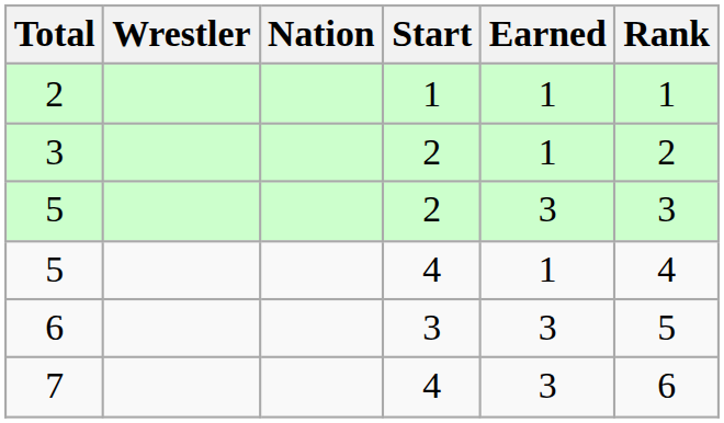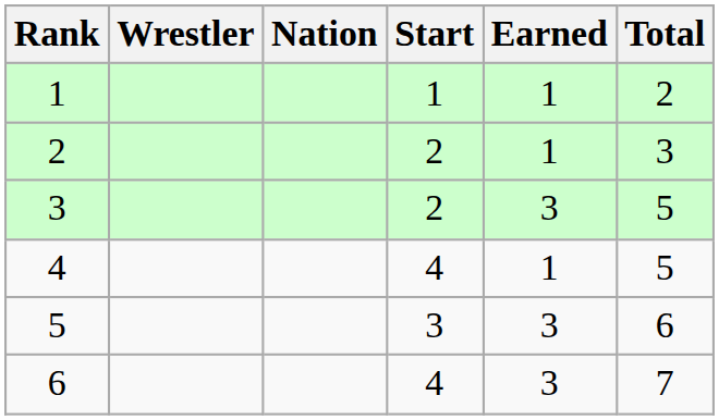 <table class="wikitable sortable" style="text-align:center;">
 <tr>
-<th>Total</th>
+<th>Rank</th>
 <th>Wrestler</th>
 <th>Nation</th>
 <th>Start</th>
 <th>Earned</th>
-<th>Rank</th>
+<th>Total</th>
+</tr>
+<tr style="background:#cfc;">
+<td>1</td>
+<td align=left></td>
+<td align=left></td>
+<td>1</td>
+<td>1</td>
+<td>2</td>
 </tr>
 <tr style="background:#cfc;">
 <td>2</td>
 <td align=left></td>
 <td align=left></td>
+<td>2</td>
 <td>1</td>
-<td>1</td>
-<td>1</td>
+<td>3</td>
 </tr>
 <tr style="background:#cfc;">
 <td>3</td>
 <td align=left></td>
 <td align=left></td>
 <td>2</td>
-<td>1</td>
-<td>2</td>
+<td>3</td>
+<td>5</td>
 </tr>
-<tr style="background:#cfc;">
-<td>5</td>
+<tr>
+<td>4</td>
 <td align=left></td>
 <td align=left></td>
-<td>2</td>
-<td>3</td>
-<td>3</td>
+<td>4</td>
+<td>1</td>
+<td>5</td>
 </tr>
 <tr>
 <td>5</td>
 <td align=left></td>
 <td align=left></td>
-<td>4</td>
-<td>1</td>
-<td>4</td>
+<td>3</td>
+<td>3</td>
+<td>6</td>
 </tr>
 <tr>
 <td>6</td>
 <td align=left></td>
 <td align=left></td>
-<td>3</td>
-<td>3</td>
-<td>5</td>
-</tr>
-<tr>
-<td>7</td>
-<td align=left></td>
-<td align=left></td>
 <td>4</td>
 <td>3</td>
-<td>6</td>
+<td>7</td>
 </tr>
 </table>
